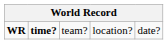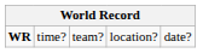 <table class="wikitable">
 <tr>
 <th colspan=5>World Record</th>
 </tr>
 <tr>
 <td><strong>WR</strong></td>
-<td><strong>time?</strong></td>
+<td>time?</td>
 <td>team?</td>
 <td>location?</td>
 <td>date?</td>
 </tr>
 </table>
